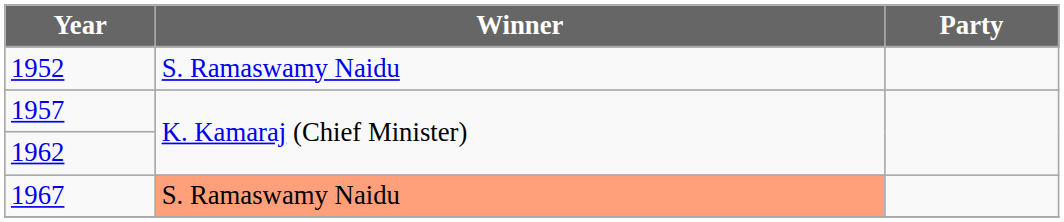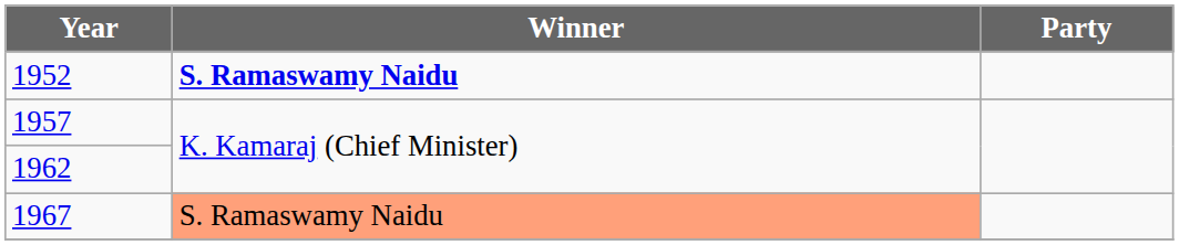 <table class="wikitable" width="50%">
 <tr>
 <th style="background-color:#666666; color:white">Year</th>
 <th style="background-color:#666666; color:white">Winner</th>
 <th style="background-color:#666666; color:white" colspan="2">Party</th>
 </tr>
 <tr>
 <td><a href='#'>1952</a></td>
-<td><a href='#'>S. Ramaswamy Naidu</a></td>
+<td><strong><a href='#'>S. Ramaswamy Naidu</a></strong></td>
 <td></td>
 </tr>
 <tr>
 <td><a href='#'>1957</a></td>
 <td rowspan=2><a href='#'>K. Kamaraj</a> (Chief Minister)</td>
 </tr>
 <tr>
 <td><a href='#'>1962</a></td>
 </tr>
 <tr>
 <td><a href='#'>1967</a></td>
 <td style="background: lightsalmon;">S. Ramaswamy Naidu</td>
 <td></td>
 </tr>
 <tr>
 </tr>
 </table>
